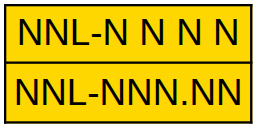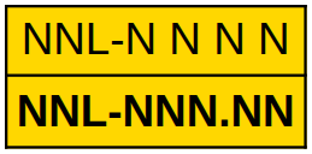 <table class="wikitable" style="background:gold; color:black; text-align:center;" ">
 <tr>
 <td style="border:1px solid black; ">NNL-N N N N</td>
 </tr>
 <tr>
-<td style="border:1px solid black; ">NNL-NNN.NN</td>
+<td style="border:1px solid black; "><strong>NNL-NNN.NN</strong></td>
 </tr>
 </table>
